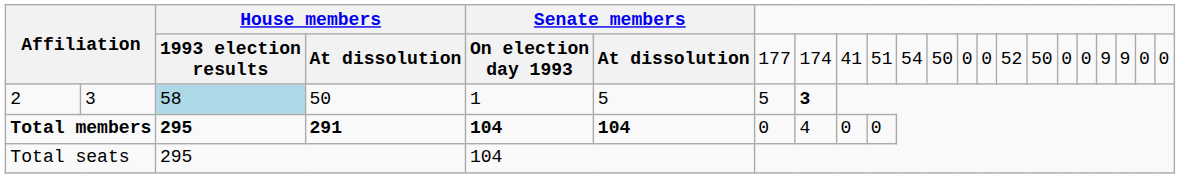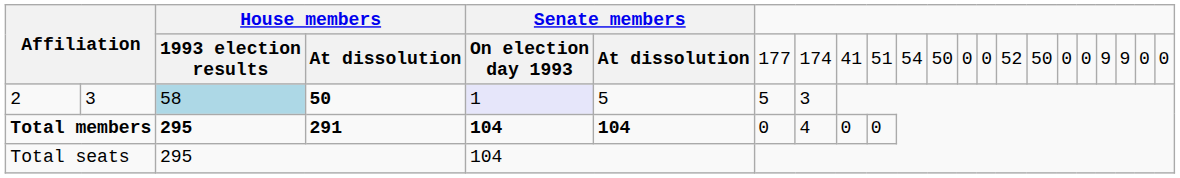 <table class="wikitable" style="margin:1em auto;">
 <tr>
 <th colspan=2 rowspan=2>Affiliation</th>
 <th colspan=2><a href='#'>House members</a></th>
 <th colspan=2><a href='#'>Senate members</a></th>
 </tr>
 <tr>
 <th>1993 election<br>results</th>
 <th>At dissolution</th>
 <th>On election<br>day 1993</th>
 <th>At dissolution<br></th>
 <td>177</td>
 <td>174</td>
 <td>41</td>
 <td>51<br></td>
 <td>54</td>
 <td>50</td>
 <td>0</td>
 <td>0<br></td>
 <td>52</td>
 <td>50</td>
 <td>0</td>
 <td>0<br></td>
 <td>9</td>
 <td>9</td>
 <td>0</td>
 <td>0</td>
 </tr>
 <tr>
 <td>2</td>
 <td>3</td>
 <td style="background: lightblue;">58</td>
-<td>50<br></td>
-<td>1</td>
+<td><strong>50<br></strong></td>
+<td style="background: lavender;">1</td>
 <td>5</td>
 <td>5</td>
-<td><strong>3</strong></td>
+<td>3</td>
 </tr>
 <tr>
 <td colspan=2><strong>Total members</strong></td>
 <td><strong>295</strong></td>
 <td><strong>291</strong></td>
 <td><strong>104</strong></td>
 <td><strong>104</strong><br></td>
 <td>0</td>
 <td>4</td>
 <td>0</td>
 <td>0</td>
 </tr>
 <tr>
 <td colspan=2>Total seats</td>
 <td colspan=2>295</td>
 <td colspan=2>104</td>
 </tr>
 </table>
